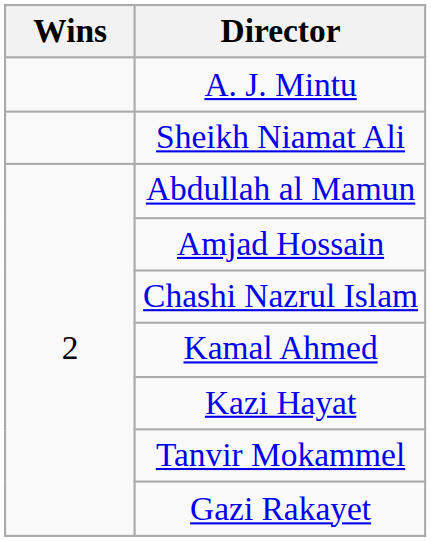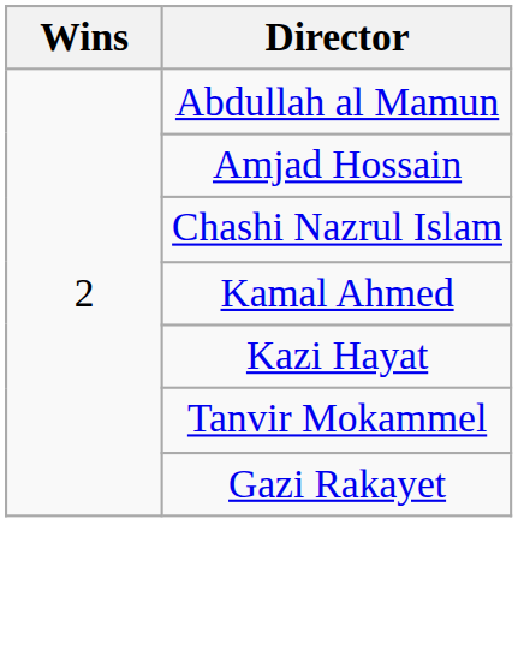 <table class="wikitable" rowspan=2 cellpadding="4" style="text-align: center; border:1;">
 <tr>
 <th scope="col" width="55">Wins</th>
 <th scope="col" align="center">Director</th>
-</tr>
-<tr>
-<td></td>
-<td><a href='#'>A. J. Mintu</a></td>
-</tr>
-<tr>
-<td></td>
-<td><a href='#'>Sheikh Niamat Ali</a></td>
 </tr>
 <tr>
 <td rowspan="7" style="text-align:center;">2</td>
 <td><a href='#'>Abdullah al Mamun</a></td>
 </tr>
 <tr>
 <td><a href='#'>Amjad Hossain</a></td>
 </tr>
 <tr>
 <td><a href='#'>Chashi Nazrul Islam</a></td>
 </tr>
 <tr>
 <td><a href='#'>Kamal Ahmed</a></td>
 </tr>
 <tr>
 <td><a href='#'>Kazi Hayat</a></td>
 </tr>
 <tr>
 <td><a href='#'>Tanvir Mokammel</a></td>
 </tr>
 <tr>
 <td><a href='#'>Gazi Rakayet</a></td>
 </tr>
 </table>
